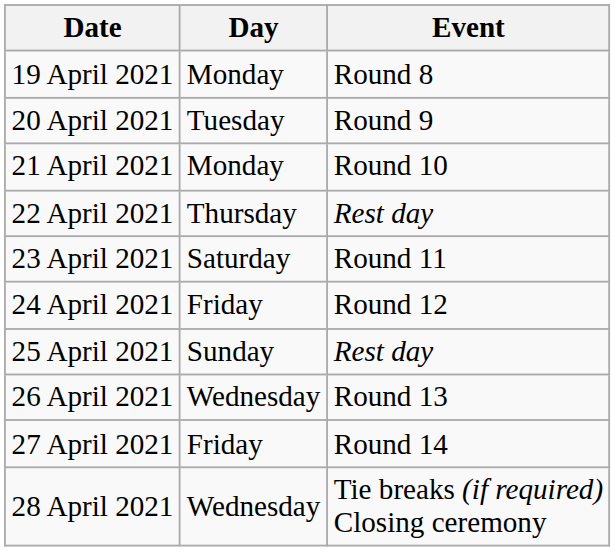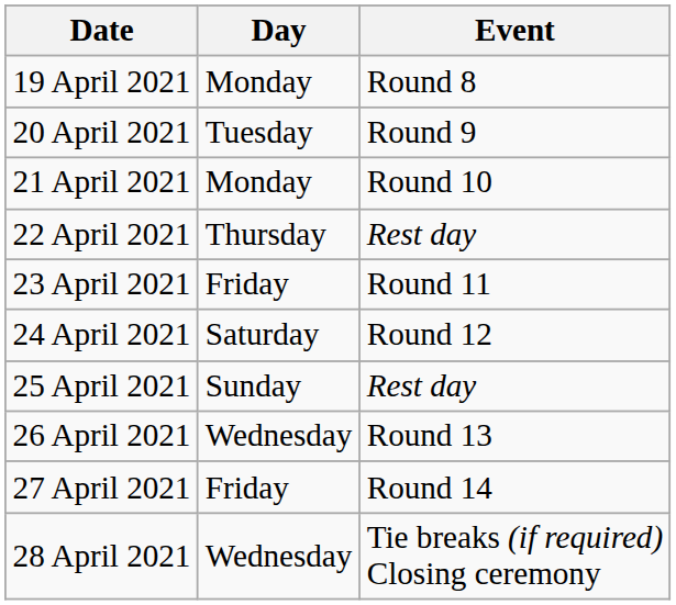 <table class="wikitable" style="display:inline-table">
 <tr>
 <th>Date</th>
 <th>Day</th>
 <th>Event</th>
 </tr>
 <tr>
 <td>19 April 2021</td>
 <td>Monday</td>
 <td>Round 8</td>
 </tr>
 <tr>
 <td>20 April 2021</td>
 <td>Tuesday</td>
 <td>Round 9</td>
 </tr>
 <tr>
 <td>21 April 2021</td>
 <td>Monday</td>
 <td>Round 10</td>
 </tr>
 <tr>
 <td>22 April 2021</td>
 <td>Thursday</td>
 <td><em>Rest day</em></td>
 </tr>
 <tr>
 <td>23 April 2021</td>
-<td>Saturday</td>
+<td>Friday</td>
 <td>Round 11</td>
 </tr>
 <tr>
 <td>24 April 2021</td>
-<td>Friday</td>
+<td>Saturday</td>
 <td>Round 12</td>
 </tr>
 <tr>
 <td>25 April 2021</td>
 <td>Sunday</td>
 <td><em>Rest day</em></td>
 </tr>
 <tr>
 <td>26 April 2021</td>
 <td>Wednesday</td>
 <td>Round 13</td>
 </tr>
 <tr>
 <td>27 April 2021</td>
 <td>Friday</td>
 <td>Round 14</td>
 </tr>
 <tr>
 <td>28 April 2021</td>
 <td>Wednesday</td>
 <td>Tie breaks <em>(if required)</em> <br> Closing ceremony</td>
 </tr>
 </table>
